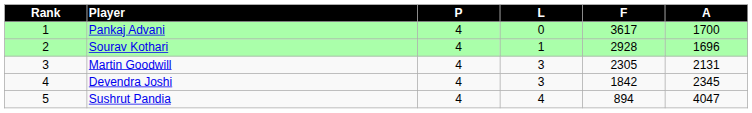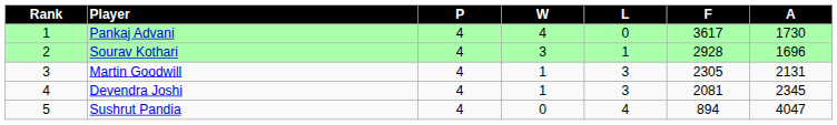 <table border="2" cellpadding="2" cellspacing="0" style="margin: 0; background: #f9f9f9; border: 1px #aaa solid; border-collapse: collapse; font-size: 100%;" width=50%>
 <tr>
 <th bgcolor="000000" style="color:white; text-align:center" width=5%>Rank</th>
 <th bgcolor="000000" style="color:white; text-align:left" width=20%>Player</th>
 <th bgcolor="000000" style="color:white; text-align:center" width=5%>P</th>
+<th bgcolor="000000" style="color:white; text-align:center" width=5%>W</th>
 <th bgcolor="000000" style="color:white; text-align:center" width=5%>L</th>
 <th bgcolor="000000" style="color:white; text-align:center" width=5%>F</th>
 <th bgcolor="000000" style="color:white; text-align:center" width=5%>A</th>
 </tr>
 <tr>
 <td style="text-align:center; background:#aaffaa">1</td>
 <td style="text-align:left; background:#aaffaa"> <a href='#'>Pankaj Advani</a></td>
 <td style="text-align:center; background:#aaffaa">4</td>
+<td style="text-align:center; background:#aaffaa">4</td>
 <td style="text-align:center; background:#aaffaa">0</td>
 <td style="text-align:center; background:#aaffaa">3617</td>
-<td style="text-align:center; background:#aaffaa">1700</td>
+<td style="text-align:center; background:#aaffaa">1730</td>
 </tr>
 <tr>
 <td style="text-align:center; background:#aaffaa">2</td>
 <td style="text-align:left; background:#aaffaa"> <a href='#'>Sourav Kothari</a></td>
 <td style="text-align:center; background:#aaffaa">4</td>
+<td style="text-align:center; background:#aaffaa">3</td>
 <td style="text-align:center; background:#aaffaa">1</td>
 <td style="text-align:center; background:#aaffaa">2928</td>
 <td style="text-align:center; background:#aaffaa">1696</td>
 </tr>
 <tr>
 <td style="text-align:center">3</td>
 <td style="text-align:left;"> <a href='#'>Martin Goodwill</a></td>
 <td style="text-align:center;">4</td>
+<td style="text-align:center;">1</td>
 <td style="text-align:center;">3</td>
 <td style="text-align:center;">2305</td>
 <td style="text-align:center;">2131</td>
 </tr>
 <tr>
 <td style="text-align:center">4</td>
 <td style="text-align:left;"> <a href='#'>Devendra Joshi</a></td>
 <td style="text-align:center;">4</td>
+<td style="text-align:center;">1</td>
 <td style="text-align:center;">3</td>
-<td style="text-align:center;">1842</td>
+<td style="text-align:center;">2081</td>
 <td style="text-align:center;">2345</td>
 </tr>
 <tr>
 <td style="text-align:center">5</td>
 <td style="text-align:left;"> <a href='#'>Sushrut Pandia</a></td>
 <td style="text-align:center;">4</td>
+<td style="text-align:center;">0</td>
 <td style="text-align:center;">4</td>
 <td style="text-align:center;">894</td>
 <td style="text-align:center;">4047</td>
 </tr>
 </table>
